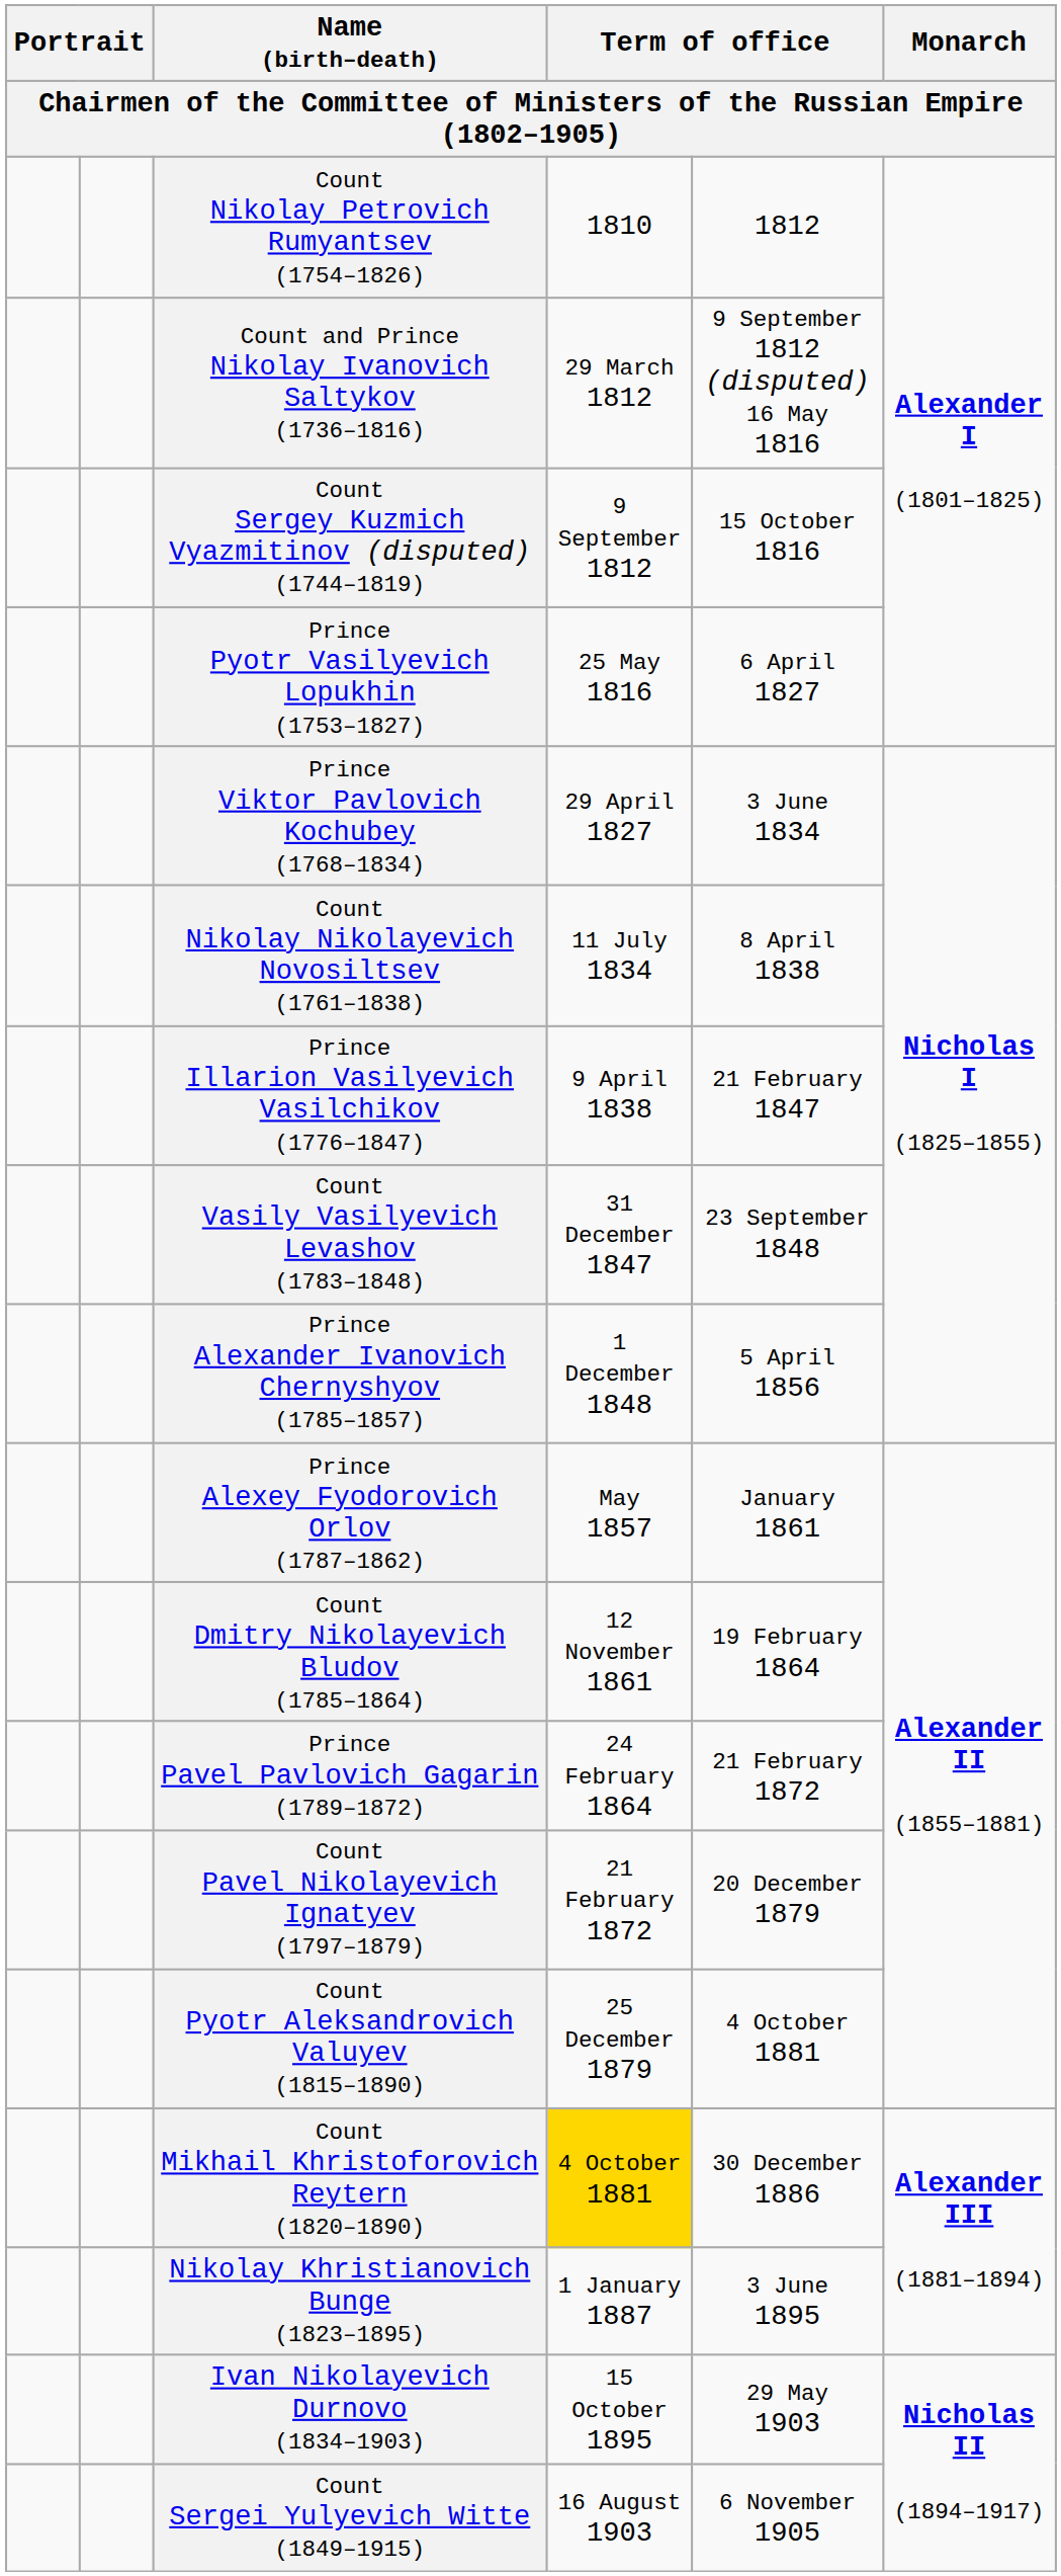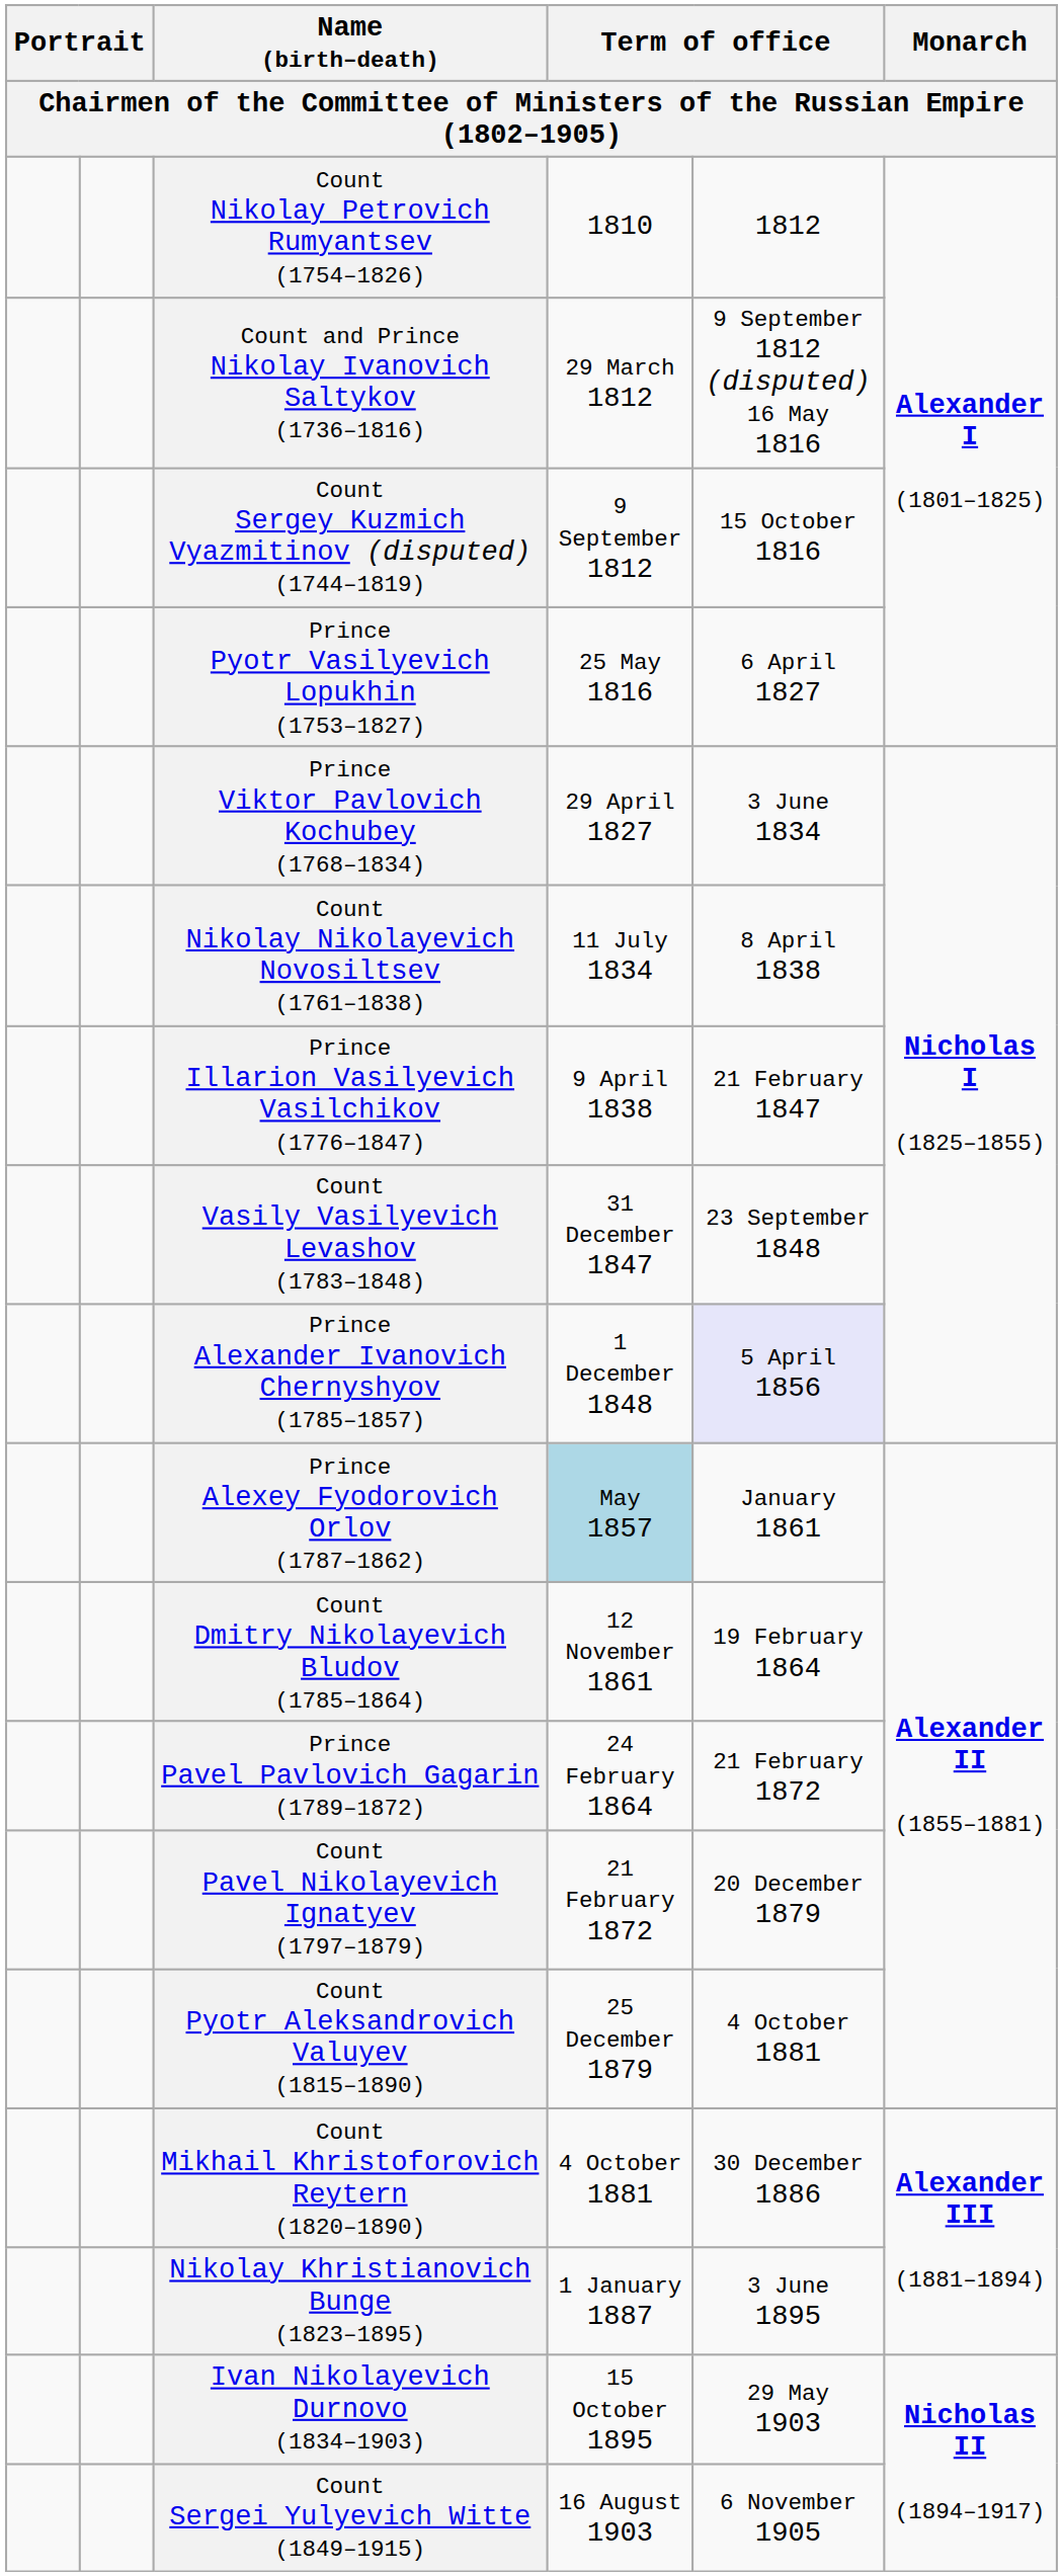 <table class="wikitable" width=80% style="text-align:center; margin: 1em auto 1em auto;">
 <tr>
 <th scope="col" colspan="2" width=1%>Portrait</th>
 <th scope="col" width=34%>Name<br><small>(birth–death)</small></th>
 <th scope="col" colspan="2" width=20%>Term of office</th>
 <th scope="col" width=10%>Monarch</th>
 </tr>
 <tr>
 <th colspan="8">Chairmen of the Committee of Ministers of the Russian Empire (1802–1905)</th>
 </tr>
 <tr>
 <td style="background-color: "></td>
 <td></td>
 <th scope="row" style="font-weight:normal;"><small>Count</small><br><a href='#'>Nikolay Petrovich Rumyantsev</a><br><small>(1754–1826)</small></th>
 <td>1810</td>
 <td>1812</td>
 <td rowspan=4><strong><a href='#'>Alexander I</a></strong><br><br><small>(1801–1825)</small></td>
 </tr>
 <tr>
 <td style="background-color: "></td>
 <td></td>
 <th scope="row" style="font-weight:normal;"><small>Count and Prince</small><br><a href='#'>Nikolay Ivanovich Saltykov</a><br><small>(1736–1816)</small></th>
 <td><small>29 March</small><br>1812</td>
 <td><small>9 September</small><br>1812 <em>(disputed)</em><br><small>16 May</small><br>1816</td>
 </tr>
 <tr>
 <td style="background-color: "></td>
 <td></td>
 <th scope="row" style="font-weight:normal;"><small>Count</small><br><a href='#'>Sergey Kuzmich Vyazmitinov</a> <em>(disputed)</em><br><small>(1744–1819)</small></th>
 <td><small>9 September</small><br>1812</td>
 <td><small>15 October</small><br>1816</td>
 </tr>
 <tr>
 <td style="background-color: "></td>
 <td></td>
 <th scope="row" style="font-weight:normal;"><small>Prince</small><br><a href='#'>Pyotr Vasilyevich Lopukhin</a><br><small>(1753–1827)</small></th>
 <td><small>25 May</small><br>1816</td>
 <td><small>6 April</small><br>1827</td>
 </tr>
 <tr>
 <td style="background-color: "></td>
 <td></td>
 <th scope="row" style="font-weight:normal;"><small>Prince</small><br><a href='#'>Viktor Pavlovich Kochubey</a><br><small>(1768–1834)</small></th>
 <td><small>29 April</small><br>1827</td>
 <td><small>3 June</small><br>1834</td>
 <td rowspan=5><strong><a href='#'>Nicholas I</a></strong><br><br><small>(1825–1855)</small></td>
 </tr>
 <tr>
 <td style="background-color: "></td>
 <td></td>
 <th scope="row" style="font-weight:normal;"><small>Count</small><br><a href='#'>Nikolay Nikolayevich Novosiltsev</a><br><small>(1761–1838)</small></th>
 <td><small>11 July</small><br>1834</td>
 <td><small>8 April</small><br>1838</td>
 </tr>
 <tr>
 <td style="background-color: "></td>
 <td></td>
 <th scope="row" style="font-weight:normal;"><small>Prince</small><br><a href='#'>Illarion Vasilyevich Vasilchikov</a><br><small>(1776–1847)</small></th>
 <td><small>9 April</small><br>1838</td>
 <td><small>21 February</small><br>1847</td>
 </tr>
 <tr>
 <td style="background-color: "></td>
 <td></td>
 <th scope="row" style="font-weight:normal;"><small>Count</small><br><a href='#'>Vasily Vasilyevich Levashov</a><br><small>(1783–1848)</small></th>
 <td><small>31 December</small><br>1847</td>
 <td><small>23 September</small><br>1848</td>
 </tr>
 <tr>
 <td style="background-color: "></td>
 <td></td>
 <th scope="row" style="font-weight:normal;"><small>Prince</small><br><a href='#'>Alexander Ivanovich Chernyshyov</a><br><small>(1785–1857)</small></th>
 <td><small>1 December</small><br>1848</td>
-<td><small>5 April</small><br>1856</td>
+<td style="background: lavender;"><small>5 April</small><br>1856</td>
 </tr>
 <tr>
 <td style="background-color: "></td>
 <td></td>
 <th scope="row" style="font-weight:normal;"><small>Prince</small><br><a href='#'>Alexey Fyodorovich Orlov</a><br><small>(1787–1862)</small></th>
-<td><small>May</small><br>1857</td>
+<td style="background: lightblue;"><small>May</small><br>1857</td>
 <td><small>January</small><br>1861</td>
 <td rowspan=5><strong><a href='#'>Alexander II</a></strong><br><br><small>(1855–1881)</small></td>
 </tr>
 <tr>
 <td style="background-color: "></td>
 <td></td>
 <th scope="row" style="font-weight:normal;"><small>Count</small><br><a href='#'>Dmitry Nikolayevich Bludov</a><br><small>(1785–1864)</small></th>
 <td><small>12 November</small><br>1861</td>
 <td><small>19 February</small><br>1864</td>
 </tr>
 <tr>
 <td style="background-color: "></td>
 <td></td>
 <th scope="row" style="font-weight:normal;"><small>Prince</small><br><a href='#'>Pavel Pavlovich Gagarin</a><br><small>(1789–1872)</small></th>
 <td><small>24 February</small><br>1864</td>
 <td><small>21 February</small><br>1872</td>
 </tr>
 <tr>
 <td style="background-color: "></td>
 <td></td>
 <th scope="row" style="font-weight:normal;"><small>Count</small><br><a href='#'>Pavel Nikolayevich Ignatyev</a><br><small>(1797–1879)</small></th>
 <td><small>21 February</small><br>1872</td>
 <td><small>20 December</small><br>1879</td>
 </tr>
 <tr>
 <td style="background-color: "></td>
 <td></td>
 <th scope="row" style="font-weight:normal;"><small>Count</small><br><a href='#'>Pyotr Aleksandrovich Valuyev</a><br><small>(1815–1890)</small></th>
 <td><small>25 December</small><br>1879</td>
 <td><small>4 October</small><br>1881</td>
 </tr>
 <tr>
 <td style="background-color: "></td>
 <td></td>
 <th scope="row" style="font-weight:normal;"><small>Count</small><br><a href='#'>Mikhail Khristoforovich Reytern</a><br><small>(1820–1890)</small></th>
-<td style="background: gold;"><small>4 October</small><br>1881</td>
+<td><small>4 October</small><br>1881</td>
 <td><small>30 December</small><br>1886</td>
 <td rowspan=2><strong><a href='#'>Alexander III</a></strong><br><br><small>(1881–1894)</small></td>
 </tr>
 <tr>
 <td style="background-color: "></td>
 <td></td>
 <th scope="row" style="font-weight:normal;"><a href='#'>Nikolay Khristianovich Bunge</a><br><small>(1823–1895)</small></th>
 <td><small>1 January</small><br>1887</td>
 <td><small>3 June</small><br>1895</td>
 </tr>
 <tr>
 <td style="background-color: "></td>
 <td></td>
 <th scope="row" style="font-weight:normal;"><a href='#'>Ivan Nikolayevich Durnovo</a><br><small>(1834–1903)</small></th>
 <td><small>15 October</small><br>1895</td>
 <td><small>29 May</small><br>1903</td>
 <td rowspan=2><strong><a href='#'>Nicholas II</a></strong><br><br><small>(1894–1917)</small></td>
 </tr>
 <tr>
 <td style="background-color: "></td>
 <td></td>
 <th scope="row" style="font-weight:normal;"><small>Count</small><br><a href='#'>Sergei Yulyevich Witte</a><br><small>(1849–1915)</small></th>
 <td><small>16 August</small><br>1903</td>
 <td><small>6 November</small><br>1905</td>
 </tr>
 </table>
